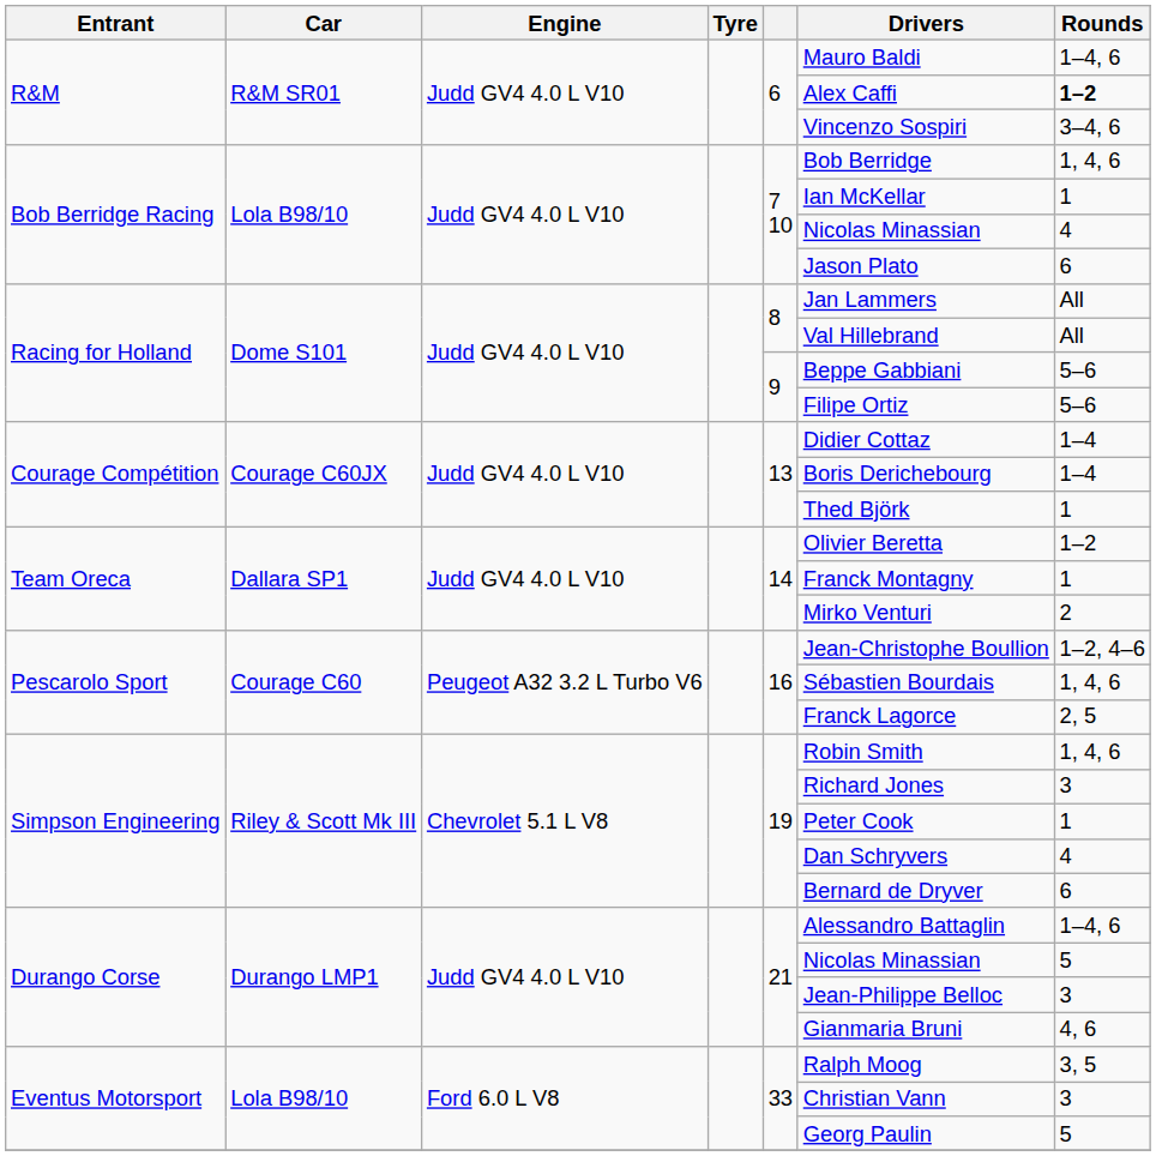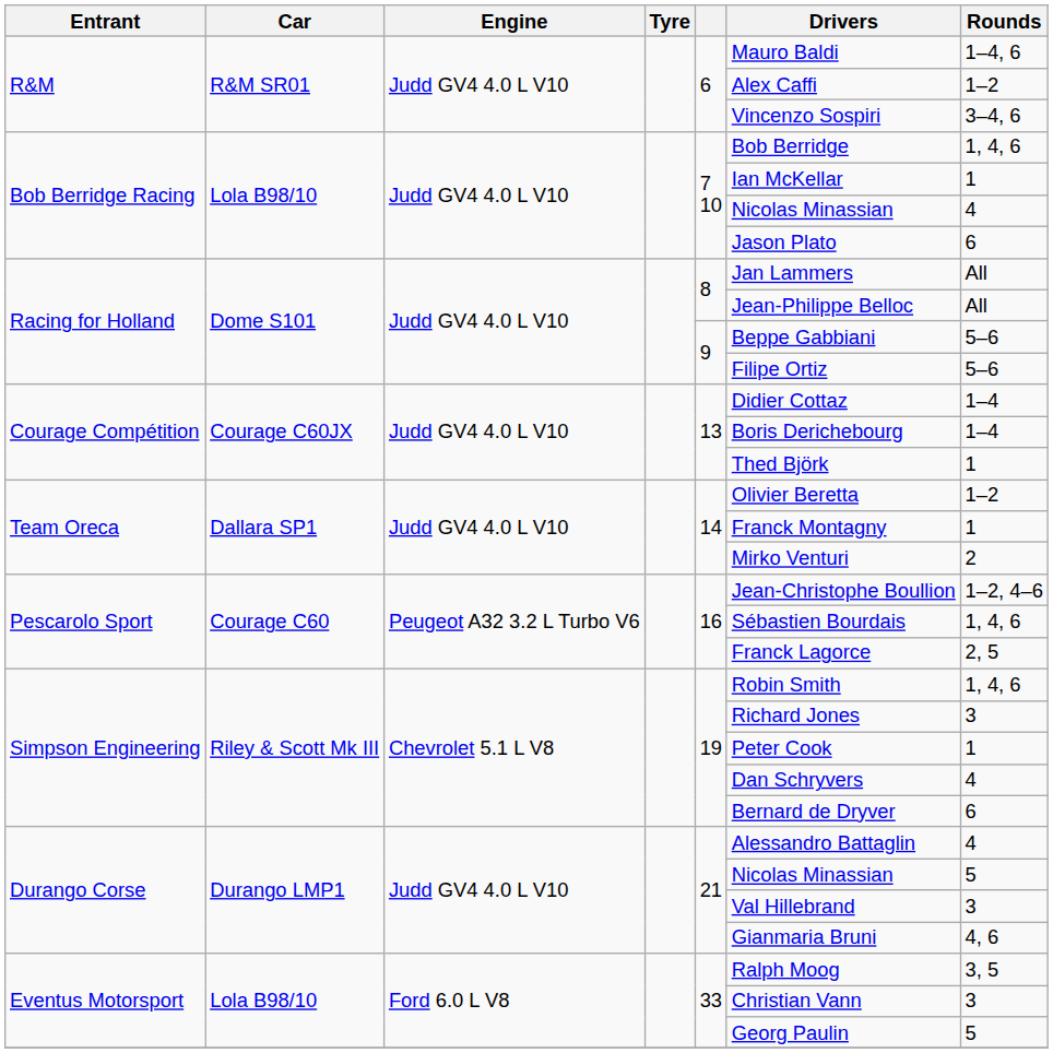 <table class="wikitable" style="font-size: 85%">
 <tr>
 <th>Entrant</th>
 <th>Car</th>
 <th>Engine</th>
 <th>Tyre</th>
 <th></th>
 <th>Drivers</th>
 <th>Rounds</th>
 </tr>
 <tr>
 <td rowspan=3> <a href='#'>R&M</a></td>
 <td rowspan=3><a href='#'>R&M SR01</a></td>
 <td rowspan=3><a href='#'>Judd</a> GV4 4.0 L V10</td>
 <td rowspan=3></td>
 <td rowspan=3>6</td>
 <td> <a href='#'>Mauro Baldi</a></td>
 <td>1–4, 6</td>
 </tr>
 <tr>
 <td> <a href='#'>Alex Caffi</a></td>
-<td><strong>1–2</strong></td>
+<td>1–2</td>
 </tr>
 <tr>
 <td> <a href='#'>Vincenzo Sospiri</a></td>
 <td>3–4, 6</td>
 </tr>
 <tr>
 <td rowspan=4> <a href='#'>Bob Berridge Racing</a></td>
 <td rowspan=4><a href='#'>Lola B98/10</a></td>
 <td rowspan=4><a href='#'>Judd</a> GV4 4.0 L V10</td>
 <td rowspan=4></td>
 <td rowspan=4>7<br>10</td>
 <td> <a href='#'>Bob Berridge</a></td>
 <td>1, 4, 6</td>
 </tr>
 <tr>
 <td> <a href='#'>Ian McKellar</a></td>
 <td>1</td>
 </tr>
 <tr>
 <td> <a href='#'>Nicolas Minassian</a></td>
 <td>4</td>
 </tr>
 <tr>
 <td> <a href='#'>Jason Plato</a></td>
 <td>6</td>
 </tr>
 <tr>
 <td rowspan=4> <a href='#'>Racing for Holland</a></td>
 <td rowspan=4><a href='#'>Dome S101</a></td>
 <td rowspan=4><a href='#'>Judd</a> GV4 4.0 L V10</td>
 <td rowspan=4></td>
 <td rowspan=2>8</td>
 <td> <a href='#'>Jan Lammers</a></td>
 <td>All</td>
 </tr>
 <tr>
-<td> <a href='#'>Val Hillebrand</a></td>
+<td> <a href='#'>Jean-Philippe Belloc</a></td>
 <td>All</td>
 </tr>
 <tr>
 <td rowspan=2>9</td>
 <td> <a href='#'>Beppe Gabbiani</a></td>
 <td>5–6</td>
 </tr>
 <tr>
 <td> <a href='#'>Filipe Ortiz</a></td>
 <td>5–6</td>
 </tr>
 <tr>
 <td rowspan=3> <a href='#'>Courage Compétition</a></td>
 <td rowspan=3><a href='#'>Courage C60JX</a></td>
 <td rowspan=3><a href='#'>Judd</a> GV4 4.0 L V10</td>
 <td rowspan=3></td>
 <td rowspan=3>13</td>
 <td> <a href='#'>Didier Cottaz</a></td>
 <td>1–4</td>
 </tr>
 <tr>
 <td> <a href='#'>Boris Derichebourg</a></td>
 <td>1–4</td>
 </tr>
 <tr>
 <td> <a href='#'>Thed Björk</a></td>
 <td>1</td>
 </tr>
 <tr>
 <td rowspan=3> <a href='#'>Team Oreca</a></td>
 <td rowspan=3><a href='#'>Dallara SP1</a></td>
 <td rowspan=3><a href='#'>Judd</a> GV4 4.0 L V10</td>
 <td rowspan=3></td>
 <td rowspan=3>14</td>
 <td> <a href='#'>Olivier Beretta</a></td>
 <td>1–2</td>
 </tr>
 <tr>
 <td> <a href='#'>Franck Montagny</a></td>
 <td>1</td>
 </tr>
 <tr>
 <td> <a href='#'>Mirko Venturi</a></td>
 <td>2</td>
 </tr>
 <tr>
 <td rowspan=3> <a href='#'>Pescarolo Sport</a></td>
 <td rowspan=3><a href='#'>Courage C60</a></td>
 <td rowspan=3><a href='#'>Peugeot</a> A32 3.2 L Turbo V6</td>
 <td rowspan=3></td>
 <td rowspan=3>16</td>
 <td> <a href='#'>Jean-Christophe Boullion</a></td>
 <td>1–2, 4–6</td>
 </tr>
 <tr>
 <td> <a href='#'>Sébastien Bourdais</a></td>
 <td>1, 4, 6</td>
 </tr>
 <tr>
 <td> <a href='#'>Franck Lagorce</a></td>
 <td>2, 5</td>
 </tr>
 <tr>
 <td rowspan=5> <a href='#'>Simpson Engineering</a></td>
 <td rowspan=5><a href='#'>Riley & Scott Mk III</a></td>
 <td rowspan=5><a href='#'>Chevrolet</a> 5.1 L V8</td>
 <td rowspan=5><br></td>
 <td rowspan=5>19</td>
 <td> <a href='#'>Robin Smith</a></td>
 <td>1, 4, 6</td>
 </tr>
 <tr>
 <td> <a href='#'>Richard Jones</a></td>
 <td>3</td>
 </tr>
 <tr>
 <td> <a href='#'>Peter Cook</a></td>
 <td>1</td>
 </tr>
 <tr>
 <td> <a href='#'>Dan Schryvers</a></td>
 <td>4</td>
 </tr>
 <tr>
 <td> <a href='#'>Bernard de Dryver</a></td>
 <td>6</td>
 </tr>
 <tr>
 <td rowspan=4> <a href='#'>Durango Corse</a></td>
 <td rowspan=4><a href='#'>Durango LMP1</a></td>
 <td rowspan=4><a href='#'>Judd</a> GV4 4.0 L V10</td>
 <td rowspan=4><br></td>
 <td rowspan=4>21</td>
 <td> <a href='#'>Alessandro Battaglin</a></td>
-<td>1–4, 6</td>
+<td>4</td>
 </tr>
 <tr>
 <td> <a href='#'>Nicolas Minassian</a></td>
 <td>5</td>
 </tr>
 <tr>
-<td> <a href='#'>Jean-Philippe Belloc</a></td>
+<td> <a href='#'>Val Hillebrand</a></td>
 <td>3</td>
 </tr>
 <tr>
 <td> <a href='#'>Gianmaria Bruni</a></td>
 <td>4, 6</td>
 </tr>
 <tr>
 <td rowspan=3> <a href='#'>Eventus Motorsport</a></td>
 <td rowspan=3><a href='#'>Lola B98/10</a></td>
 <td rowspan=3><a href='#'>Ford</a> 6.0 L V8</td>
 <td rowspan=3></td>
 <td rowspan=3>33</td>
 <td> <a href='#'>Ralph Moog</a></td>
 <td>3, 5</td>
 </tr>
 <tr>
 <td> <a href='#'>Christian Vann</a></td>
 <td>3</td>
 </tr>
 <tr>
 <td> <a href='#'>Georg Paulin</a></td>
 <td>5</td>
 </tr>
 <tr>
 </tr>
 </table>
